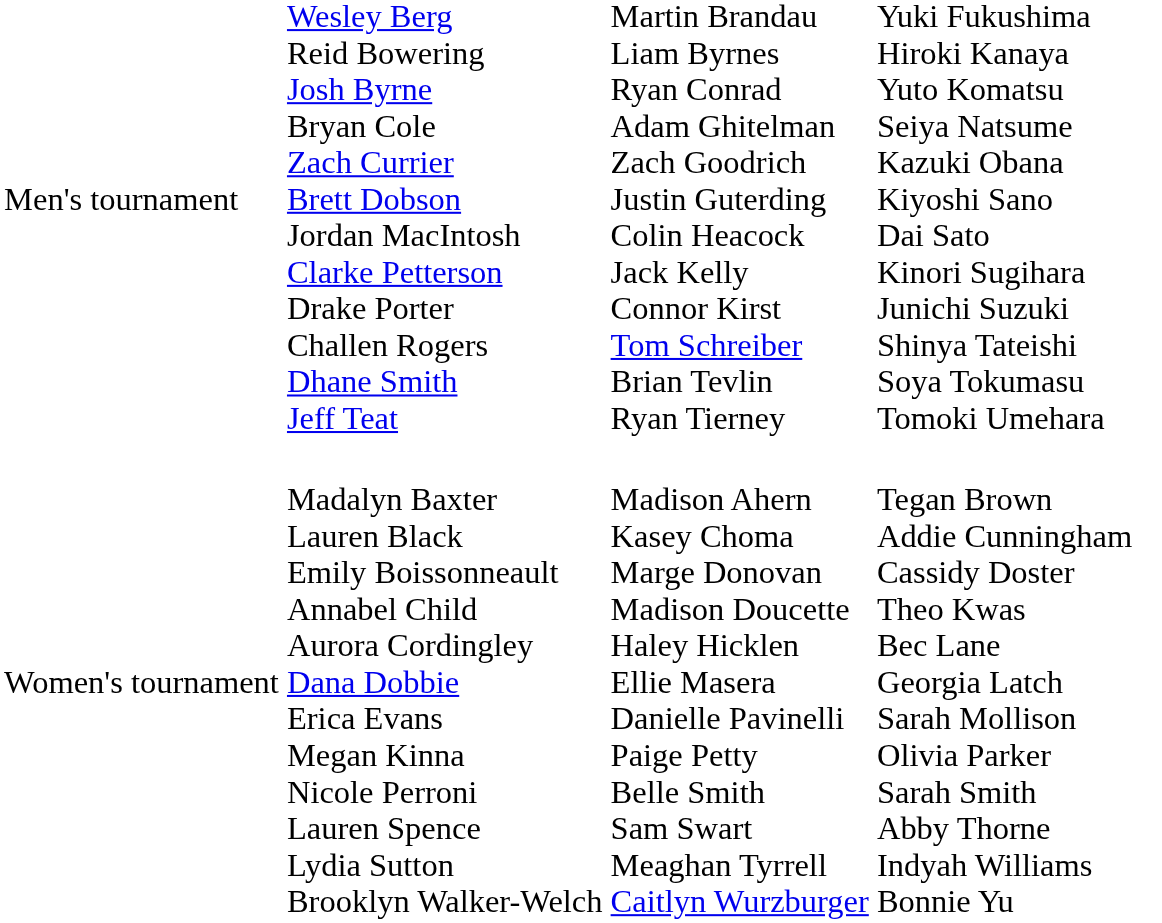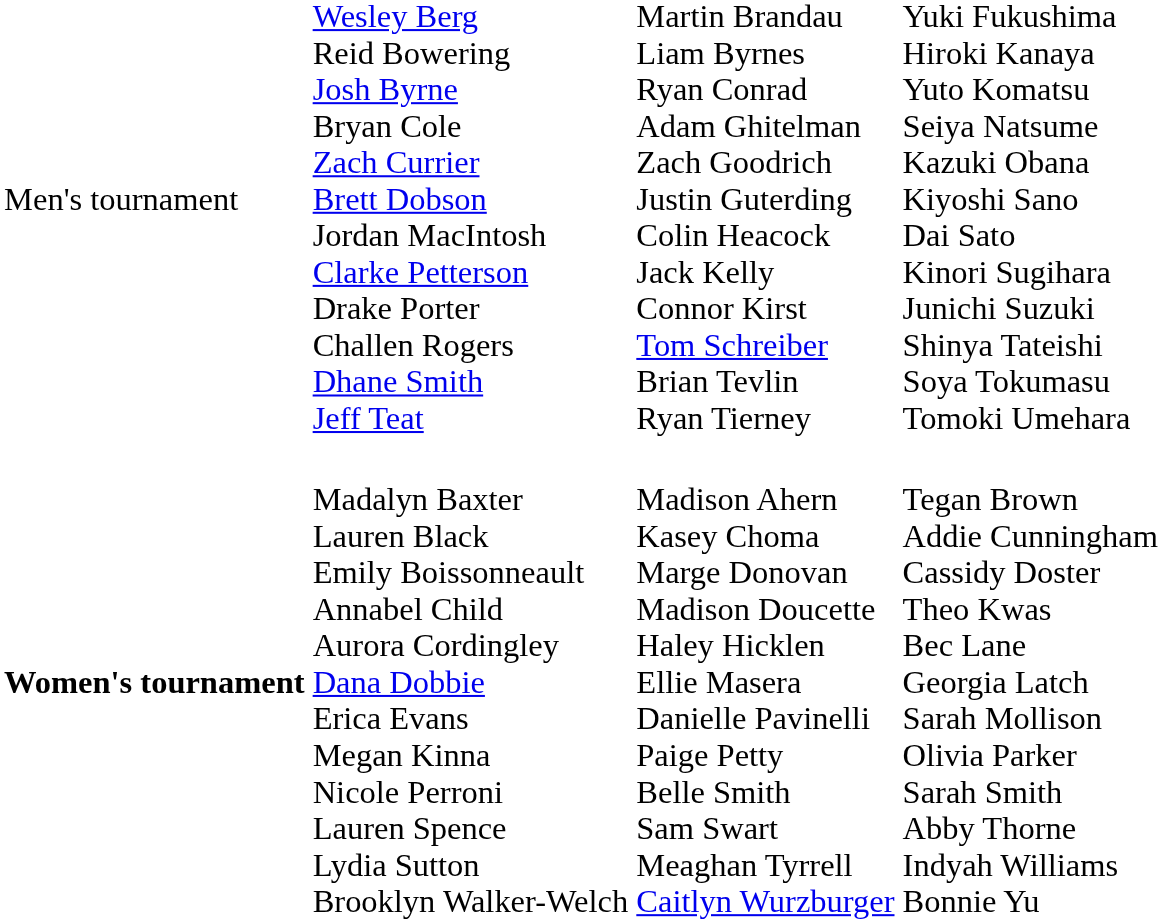 <table>
 <tr>
 <td>Men's tournament</td>
 <td><br><a href='#'>Wesley Berg</a><br>Reid Bowering<br><a href='#'>Josh Byrne</a><br>Bryan Cole<br><a href='#'>Zach Currier</a><br><a href='#'>Brett Dobson</a><br>Jordan MacIntosh<br><a href='#'>Clarke Petterson</a><br>Drake Porter<br>Challen Rogers<br><a href='#'>Dhane Smith</a><br><a href='#'>Jeff Teat</a></td>
 <td nowrap><br>Martin Brandau<br>Liam Byrnes<br>Ryan Conrad<br>Adam Ghitelman<br>Zach Goodrich<br>Justin Guterding<br>Colin Heacock<br>Jack Kelly<br>Connor Kirst<br><a href='#'>Tom Schreiber</a><br>Brian Tevlin<br>Ryan Tierney</td>
 <td><br>Yuki Fukushima<br>Hiroki Kanaya<br>Yuto Komatsu<br>Seiya Natsume<br>Kazuki Obana<br>Kiyoshi Sano<br>Dai Sato<br>Kinori Sugihara<br>Junichi Suzuki<br>Shinya Tateishi<br>Soya Tokumasu<br>Tomoki Umehara</td>
 </tr>
 <tr>
-<td nowrap>Women's tournament</td>
+<td nowrap><strong>Women's tournament</strong></td>
 <td nowrap><br>Madalyn Baxter<br>Lauren Black<br>Emily Boissonneault<br>Annabel Child<br>Aurora Cordingley<br><a href='#'>Dana Dobbie</a><br>Erica Evans<br>Megan Kinna<br>Nicole Perroni<br>Lauren Spence<br>Lydia Sutton<br>Brooklyn Walker-Welch</td>
 <td nowrap><br>Madison Ahern<br>Kasey Choma<br>Marge Donovan<br>Madison Doucette<br>Haley Hicklen<br>Ellie Masera<br>Danielle Pavinelli<br>Paige Petty<br>Belle Smith<br>Sam Swart<br>Meaghan Tyrrell<br><a href='#'>Caitlyn Wurzburger</a></td>
 <td nowrap><br>Tegan Brown<br>Addie Cunningham<br>Cassidy Doster<br>Theo Kwas<br>Bec Lane<br>Georgia Latch<br>Sarah Mollison<br>Olivia Parker<br>Sarah Smith<br>Abby Thorne<br>Indyah Williams<br>Bonnie Yu</td>
 </tr>
 </table>
